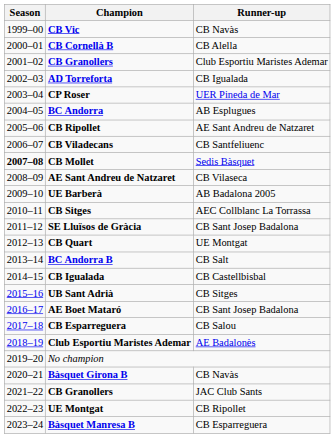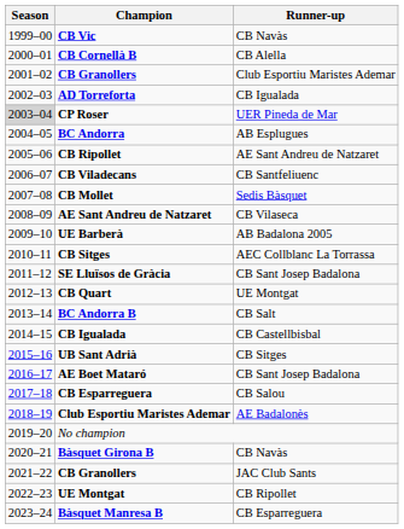 <table class="wikitable">
 <tr>
 <th>Season</th>
 <th>Champion</th>
 <th>Runner-up</th>
 </tr>
 <tr>
 <td>1999–00</td>
 <td><strong><a href='#'>CB Vic</a></strong></td>
 <td>CB Navàs</td>
 </tr>
 <tr>
 <td>2000–01</td>
 <td><strong><a href='#'>CB Cornellà B</a></strong></td>
 <td>CB Alella</td>
 </tr>
 <tr>
 <td>2001–02</td>
 <td><strong><a href='#'>CB Granollers</a></strong></td>
 <td>Club Esportiu Maristes Ademar</td>
 </tr>
 <tr>
 <td>2002–03</td>
 <td><strong><a href='#'>AD Torreforta</a></strong></td>
 <td>CB Igualada</td>
 </tr>
 <tr>
-<td>2003–04</td>
+<td style="background: lightgrey;">2003–04</td>
 <td><strong>CP Roser</strong></td>
 <td><a href='#'>UER Pineda de Mar</a></td>
 </tr>
 <tr>
 <td>2004–05</td>
 <td><strong><a href='#'>BC Andorra</a></strong></td>
 <td>AB Esplugues</td>
 </tr>
 <tr>
 <td>2005–06</td>
 <td><strong>CB Ripollet</strong></td>
 <td>AE Sant Andreu de Natzaret</td>
 </tr>
 <tr>
 <td>2006–07</td>
 <td><strong>CB Viladecans</strong></td>
 <td>CB Santfeliuenc</td>
 </tr>
 <tr>
-<td><strong>2007–08</strong></td>
+<td>2007–08</td>
 <td><strong>CB Mollet</strong></td>
 <td><a href='#'>Sedis Bàsquet</a></td>
 </tr>
 <tr>
 <td>2008–09</td>
 <td><strong>AE Sant Andreu de Natzaret</strong></td>
 <td>CB Vilaseca</td>
 </tr>
 <tr>
 <td>2009–10</td>
 <td><strong>UE Barberà</strong></td>
 <td>AB Badalona 2005</td>
 </tr>
 <tr>
 <td>2010–11</td>
 <td><strong>CB Sitges</strong></td>
 <td>AEC Collblanc La Torrassa</td>
 </tr>
 <tr>
 <td>2011–12</td>
 <td><strong>SE Lluïsos de Gràcia</strong></td>
 <td>CB Sant Josep Badalona</td>
 </tr>
 <tr>
 <td>2012–13</td>
 <td><strong>CB Quart</strong></td>
 <td>UE Montgat</td>
 </tr>
 <tr>
 <td>2013–14</td>
 <td><strong><a href='#'>BC Andorra B</a></strong></td>
 <td>CB Salt</td>
 </tr>
 <tr>
 <td>2014–15</td>
 <td><strong>CB Igualada</strong></td>
 <td>CB Castellbisbal</td>
 </tr>
 <tr>
 <td><a href='#'>2015–16</a></td>
 <td><strong>UB Sant Adrià</strong></td>
 <td>CB Sitges</td>
 </tr>
 <tr>
 <td><a href='#'>2016–17</a></td>
 <td><strong>AE Boet Mataró</strong></td>
 <td>CB Sant Josep Badalona</td>
 </tr>
 <tr>
 <td><a href='#'>2017–18</a></td>
 <td><strong>CB Esparreguera</strong></td>
 <td>CB Salou</td>
 </tr>
 <tr>
 <td><a href='#'>2018–19</a></td>
 <td><strong>Club Esportiu Maristes Ademar</strong></td>
 <td><a href='#'>AE Badalonès</a></td>
 </tr>
 <tr>
 <td>2019–20</td>
 <td colspan="2"><em>No champion</em></td>
 </tr>
 <tr>
 <td>2020–21</td>
 <td><strong><a href='#'>Bàsquet Girona B</a></strong></td>
 <td>CB Navàs</td>
 </tr>
 <tr>
 <td>2021–22</td>
 <td><strong>CB Granollers</strong></td>
 <td>JAC Club Sants</td>
 </tr>
 <tr>
 <td>2022–23</td>
 <td><strong>UE Montgat</strong></td>
 <td>CB Ripollet</td>
 </tr>
 <tr>
 <td>2023–24</td>
 <td><strong><a href='#'>Bàsquet Manresa B</a></strong></td>
 <td>CB Esparreguera</td>
 </tr>
 </table>
